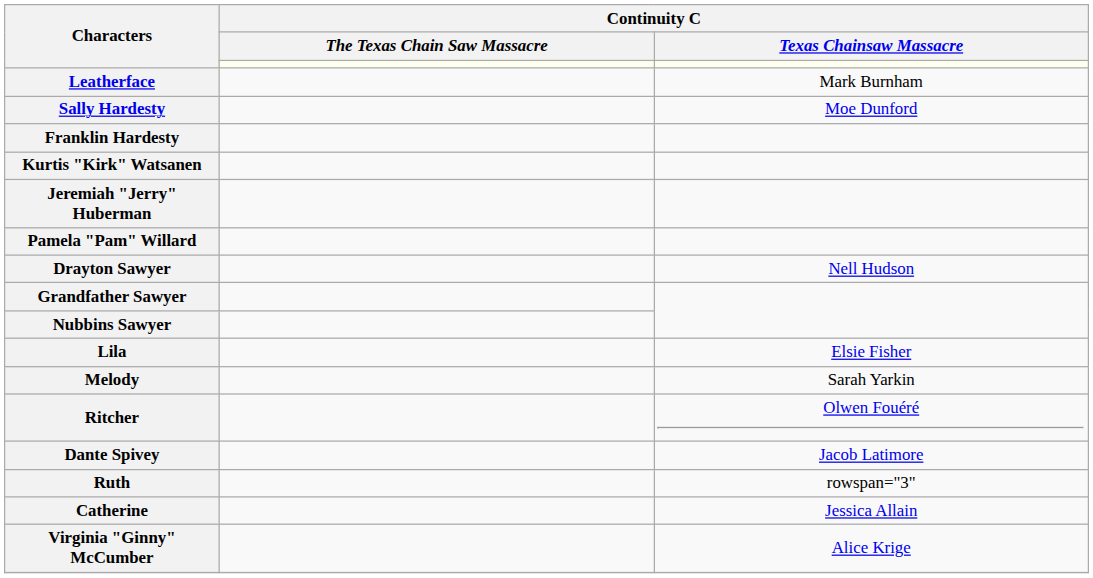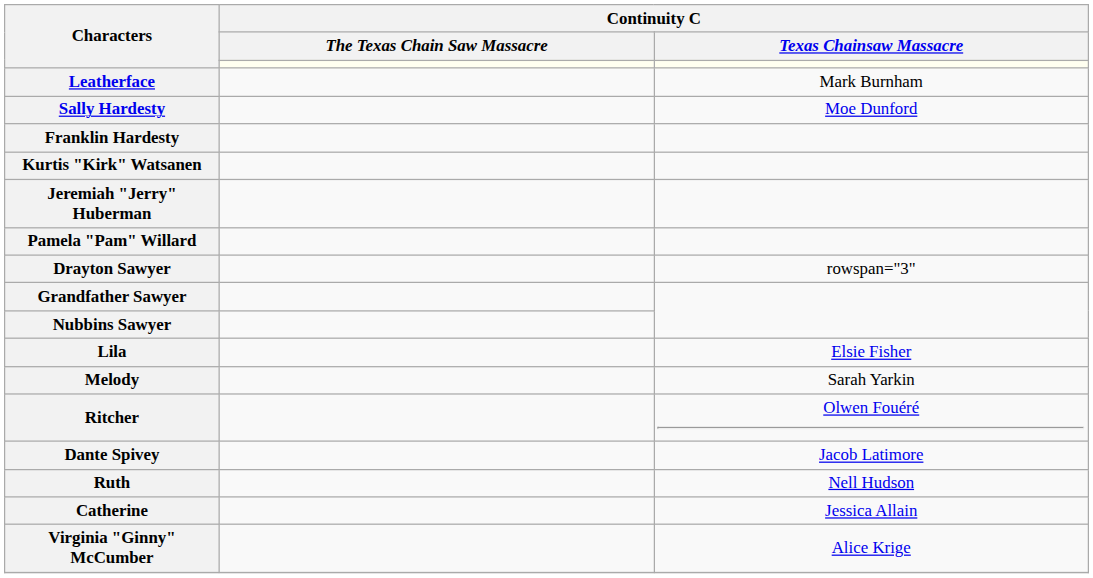 <table class="wikitable" style="text-align:center; width:99%; font-size:85%">
 <tr>
 <th rowspan="3" style="width:5.7%;">Characters</th>
 <th colspan="5" style="text-align:center;">Continuity C</th>
 </tr>
 <tr>
 <th style="text-align:center; width:14%;"><em>The Texas Chain Saw Massacre</em></th>
 <th style="text-align:center; width:14%;"><em><a href='#'>Texas Chainsaw Massacre</a></em></th>
 </tr>
 <tr>
 <td style="background:ivory;"></td>
 <td style="background:ivory;"></td>
 </tr>
 <tr>
 <th><a href='#'>Leatherface<br></a></th>
 <td></td>
 <td>Mark Burnham</td>
 </tr>
 <tr>
 <th><a href='#'>Sally Hardesty</a></th>
 <td></td>
 <td><a href='#'>Moe Dunford</a></td>
 </tr>
 <tr>
 <th>Franklin Hardesty</th>
 <td></td>
 <td></td>
 </tr>
 <tr>
 <th>Kurtis "Kirk" Watsanen</th>
 <td></td>
 <td></td>
 </tr>
 <tr>
 <th>Jeremiah "Jerry" Huberman</th>
 <td></td>
 <td></td>
 </tr>
 <tr>
 <th>Pamela "Pam" Willard</th>
 <td></td>
 <td></td>
 </tr>
 <tr>
 <th>Drayton Sawyer</th>
 <td></td>
-<td><a href='#'>Nell Hudson</a></td>
+<td>rowspan="3" </td>
 </tr>
 <tr>
 <th>Grandfather Sawyer</th>
 <td></td>
 </tr>
 <tr>
 <th>Nubbins Sawyer</th>
 <td></td>
 </tr>
 <tr>
 <th>Lila</th>
 <td></td>
 <td><a href='#'>Elsie Fisher</a></td>
 </tr>
 <tr>
 <th>Melody</th>
 <td></td>
 <td>Sarah Yarkin</td>
 </tr>
 <tr>
 <th>Ritcher</th>
 <td></td>
 <td><a href='#'>Olwen Fouéré</a><hr></td>
 </tr>
 <tr>
 <th>Dante Spivey</th>
 <td></td>
 <td><a href='#'>Jacob Latimore</a></td>
 </tr>
 <tr>
 <th>Ruth</th>
 <td></td>
-<td>rowspan="3" </td>
+<td><a href='#'>Nell Hudson</a></td>
 </tr>
 <tr>
 <th>Catherine</th>
 <td></td>
 <td><a href='#'>Jessica Allain</a></td>
 </tr>
 <tr>
 <th>Virginia "Ginny" McCumber</th>
 <td></td>
 <td><a href='#'>Alice Krige</a></td>
 </tr>
 <tr>
 </tr>
 </table>
